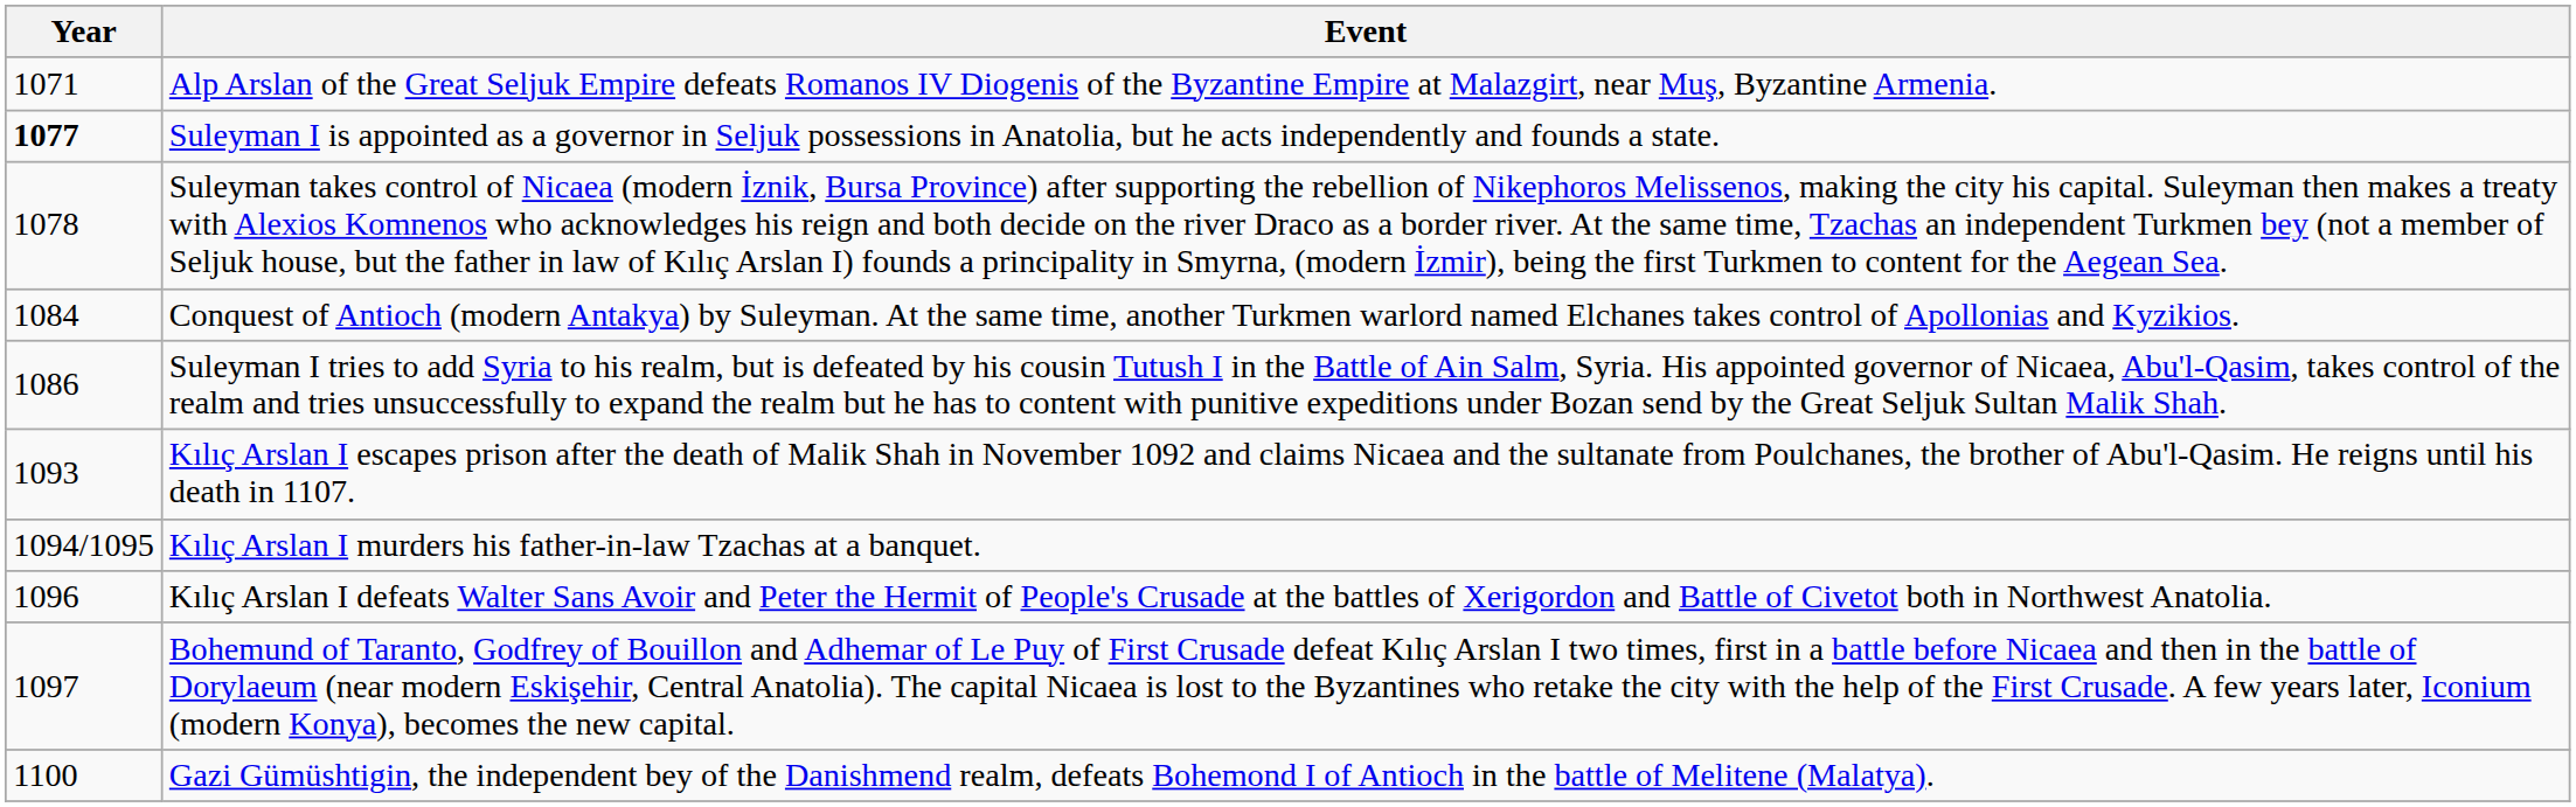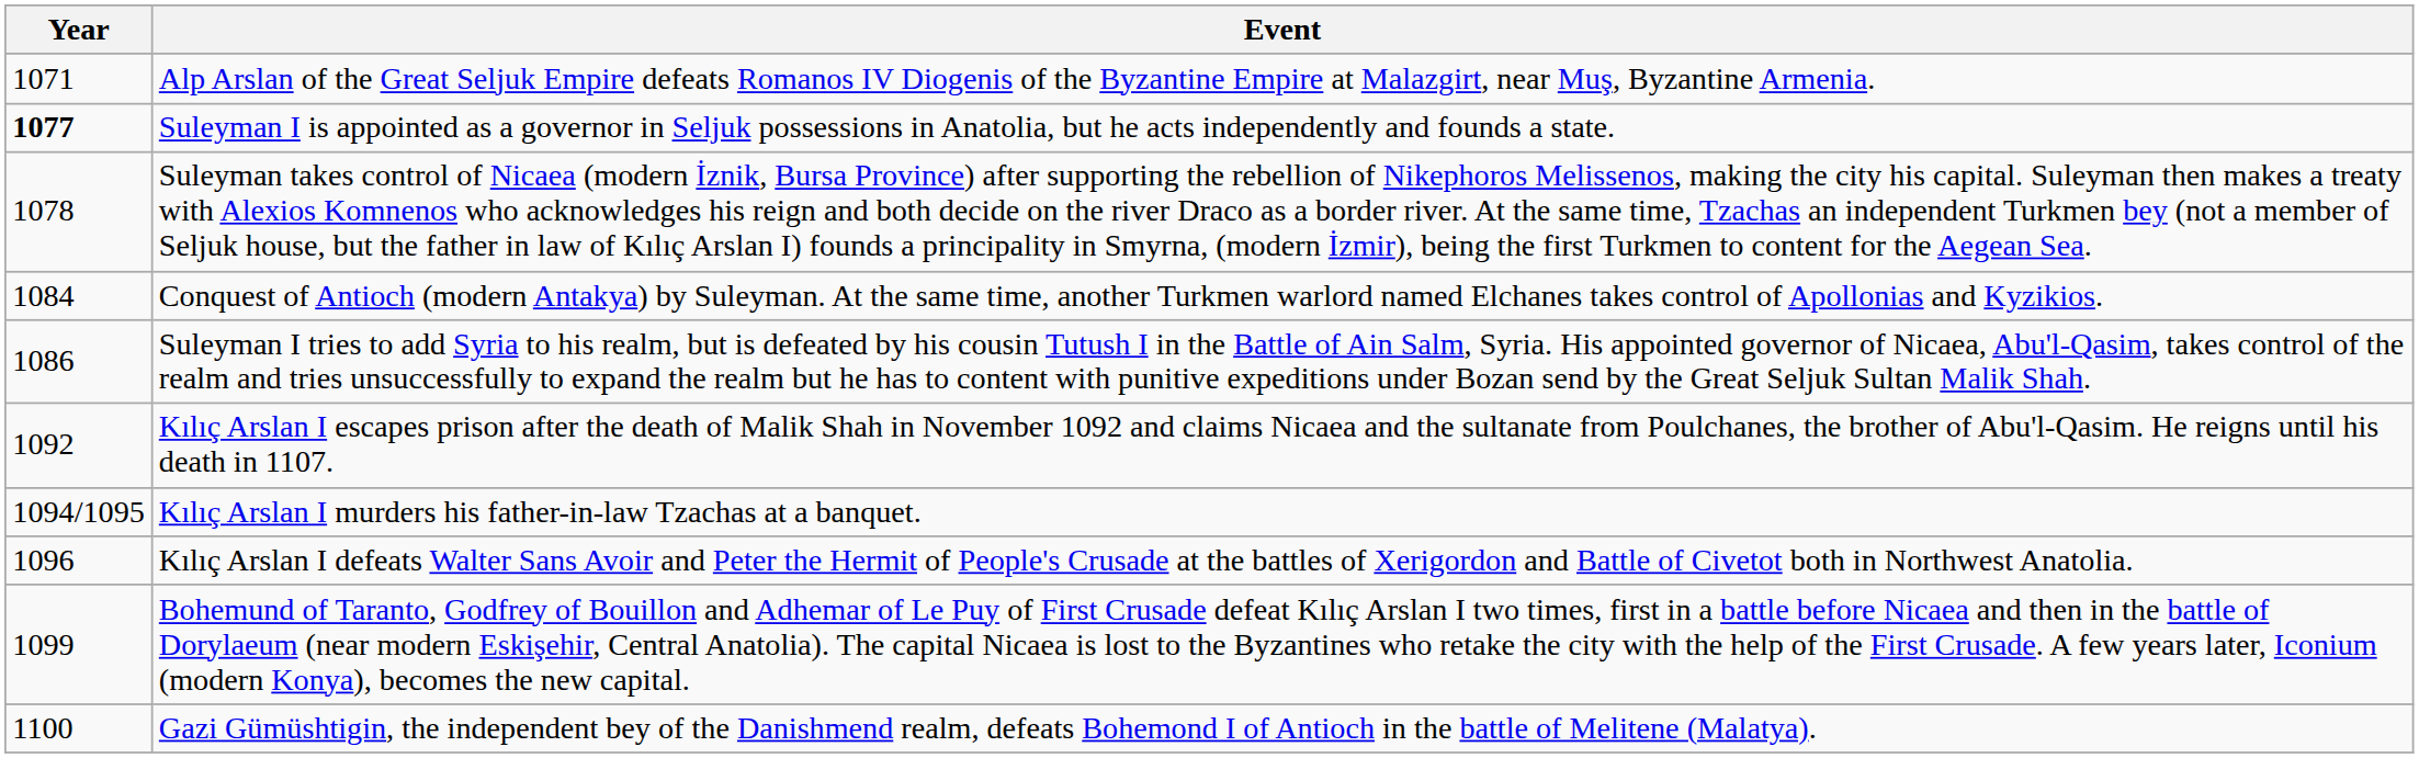 <table class="sortable wikitable">
 <tr>
 <th>Year</th>
 <th>Event</th>
 </tr>
 <tr>
 <td>1071</td>
 <td><a href='#'>Alp Arslan</a> of the <a href='#'>Great Seljuk Empire</a> defeats <a href='#'>Romanos IV Diogenis</a> of the <a href='#'>Byzantine Empire</a> at <a href='#'>Malazgirt</a>, near <a href='#'>Muş</a>, Byzantine <a href='#'>Armenia</a>.</td>
 </tr>
 <tr>
 <td><strong>1077</strong></td>
 <td><a href='#'>Suleyman I</a> is appointed as a governor in <a href='#'>Seljuk</a> possessions in Anatolia, but he acts independently and founds a state.</td>
 </tr>
 <tr>
 <td>1078</td>
 <td>Suleyman takes control of <a href='#'>Nicaea</a> (modern <a href='#'>İznik</a>, <a href='#'>Bursa Province</a>) after supporting the rebellion of <a href='#'>Nikephoros Melissenos</a>, making the city his capital. Suleyman then makes a treaty with <a href='#'>Alexios Komnenos</a> who acknowledges his reign and both decide on the river Draco as a border river. At the same time, <a href='#'>Tzachas</a> an independent Turkmen <a href='#'>bey</a> (not a member of Seljuk house, but the father in law of Kılıç Arslan I) founds a principality in Smyrna, (modern <a href='#'>İzmir</a>), being the first Turkmen to content for the <a href='#'>Aegean Sea</a>.</td>
 </tr>
 <tr>
 <td>1084</td>
 <td>Conquest of <a href='#'>Antioch</a> (modern <a href='#'>Antakya</a>) by Suleyman. At the same time, another Turkmen warlord named Elchanes takes control of <a href='#'>Apollonias</a> and <a href='#'>Kyzikios</a>.</td>
 </tr>
 <tr>
 <td>1086</td>
 <td>Suleyman I tries to add <a href='#'>Syria</a> to his realm, but is defeated by his cousin <a href='#'>Tutush I</a> in the <a href='#'>Battle of Ain Salm</a>, Syria. His appointed governor of Nicaea, <a href='#'>Abu'l-Qasim</a>, takes control of the realm and tries unsuccessfully to expand the realm but he has to content with punitive expeditions under Bozan send by the Great Seljuk Sultan <a href='#'>Malik Shah</a>.</td>
 </tr>
 <tr>
-<td>1093</td>
+<td>1092</td>
 <td><a href='#'>Kılıç Arslan I</a> escapes prison after the death of Malik Shah in November 1092 and claims Nicaea and the sultanate from Poulchanes, the brother of Abu'l-Qasim. He reigns until his death in 1107.</td>
 </tr>
 <tr>
 <td>1094/1095</td>
 <td><a href='#'>Kılıç Arslan I</a> murders his father-in-law Tzachas at a banquet.</td>
 </tr>
 <tr>
 <td>1096</td>
 <td>Kılıç Arslan I defeats <a href='#'>Walter Sans Avoir</a> and <a href='#'>Peter the Hermit</a>  of <a href='#'>People's Crusade</a> at the battles of <a href='#'>Xerigordon</a> and <a href='#'>Battle of Civetot</a> both in Northwest Anatolia.</td>
 </tr>
 <tr>
-<td>1097</td>
+<td>1099</td>
 <td><a href='#'>Bohemund of Taranto</a>, <a href='#'>Godfrey of Bouillon</a> and <a href='#'>Adhemar of Le Puy</a> of <a href='#'>First Crusade</a> defeat Kılıç Arslan I two times, first in a <a href='#'>battle before Nicaea</a> and then in the <a href='#'>battle of Dorylaeum</a> (near modern <a href='#'>Eskişehir</a>, Central Anatolia). The capital Nicaea is lost to the Byzantines who retake the city with the help of the <a href='#'>First Crusade</a>. A few years later, <a href='#'>Iconium</a> (modern <a href='#'>Konya</a>), becomes the new capital.</td>
 </tr>
 <tr>
 <td>1100</td>
 <td><a href='#'>Gazi Gümüshtigin</a>, the independent bey of the <a href='#'>Danishmend</a> realm, defeats <a href='#'>Bohemond I of Antioch</a> in the <a href='#'>battle of Melitene (Malatya)</a>.</td>
 </tr>
 </table>
